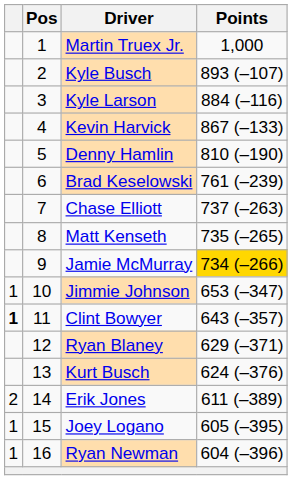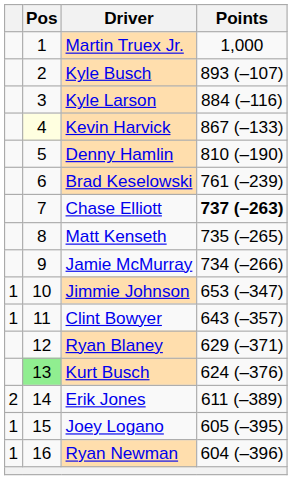 <table class="wikitable" style="font-size: 95%;">
 <tr>
 <th></th>
 <th>Pos</th>
 <th>Driver</th>
 <th>Points</th>
 </tr>
 <tr>
 <td align="left"></td>
 <td style="text-align:center;">1</td>
 <td style="background:#FFDEAD;"><a href='#'>Martin Truex Jr.</a></td>
 <td style="text-align:center;">1,000</td>
 </tr>
 <tr>
 <td align="left"></td>
 <td style="text-align:center;">2</td>
 <td style="background:#FFDEAD;"><a href='#'>Kyle Busch</a></td>
 <td style="text-align:center;">893 (–107)</td>
 </tr>
 <tr>
 <td align="left"></td>
 <td style="text-align:center;">3</td>
 <td style="background:#FFDEAD;"><a href='#'>Kyle Larson</a></td>
 <td style="text-align:center;">884 (–116)</td>
 </tr>
 <tr>
 <td align="left"></td>
-<td style="text-align:center;">4</td>
+<td style="background: lightyellow; text-align:center;">4</td>
 <td style="background:#FFDEAD;"><a href='#'>Kevin Harvick</a></td>
 <td style="text-align:center;">867 (–133)</td>
 </tr>
 <tr>
 <td align="left"></td>
 <td style="text-align:center;">5</td>
 <td style="background:#FFDEAD;"><a href='#'>Denny Hamlin</a></td>
 <td style="text-align:center;">810 (–190)</td>
 </tr>
 <tr>
 <td align="left"></td>
 <td style="text-align:center;">6</td>
 <td style="background:#FFDEAD;"><a href='#'>Brad Keselowski</a></td>
 <td style="text-align:center;">761 (–239)</td>
 </tr>
 <tr>
 <td align="left"></td>
 <td style="text-align:center;">7</td>
 <td><a href='#'>Chase Elliott</a></td>
-<td style="text-align:center;">737 (–263)</td>
+<td style="text-align:center;"><strong>737 (–263)</strong></td>
 </tr>
 <tr>
 <td align="left"></td>
 <td style="text-align:center;">8</td>
 <td><a href='#'>Matt Kenseth</a></td>
 <td style="text-align:center;">735 (–265)</td>
 </tr>
 <tr>
 <td align="left"></td>
 <td style="text-align:center;">9</td>
 <td><a href='#'>Jamie McMurray</a></td>
-<td style="background: gold; text-align:center;">734 (–266)</td>
+<td style="text-align:center;">734 (–266)</td>
 </tr>
 <tr>
 <td align="left"> 1</td>
 <td style="text-align:center;">10</td>
 <td style="background:#FFDEAD;"><a href='#'>Jimmie Johnson</a></td>
 <td style="text-align:center;">653 (–347)</td>
 </tr>
 <tr>
-<td align="left"><strong> 1</strong></td>
+<td align="left"> 1</td>
 <td style="text-align:center;">11</td>
 <td><a href='#'>Clint Bowyer</a></td>
 <td style="text-align:center;">643 (–357)</td>
 </tr>
 <tr>
 <td align="left"></td>
 <td style="text-align:center;">12</td>
 <td style="background:#FFDEAD;"><a href='#'>Ryan Blaney</a></td>
 <td style="text-align:center;">629 (–371)</td>
 </tr>
 <tr>
 <td align="left"></td>
-<td style="text-align:center;">13</td>
+<td style="background: lightgreen; text-align:center;">13</td>
 <td style="background:#FFDEAD;"><a href='#'>Kurt Busch</a></td>
 <td style="text-align:center;">624 (–376)</td>
 </tr>
 <tr>
 <td align="left"> 2</td>
 <td style="text-align:center;">14</td>
 <td><a href='#'>Erik Jones</a></td>
 <td style="text-align:center;">611 (–389)</td>
 </tr>
 <tr>
 <td align="left"> 1</td>
 <td style="text-align:center;">15</td>
 <td><a href='#'>Joey Logano</a></td>
 <td style="text-align:center;">605 (–395)</td>
 </tr>
 <tr>
 <td align="left"> 1</td>
 <td style="text-align:center;">16</td>
 <td style="background:#FFDEAD;"><a href='#'>Ryan Newman</a></td>
 <td style="text-align:center;">604 (–396)</td>
 </tr>
 <tr class="sortbottom">
 <th colspan="9"></th>
 </tr>
 </table>
